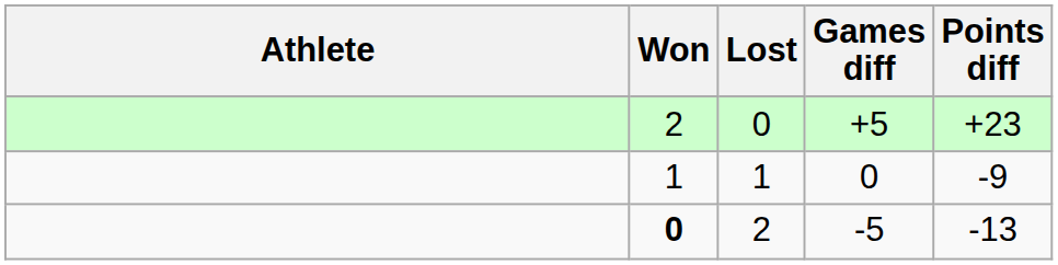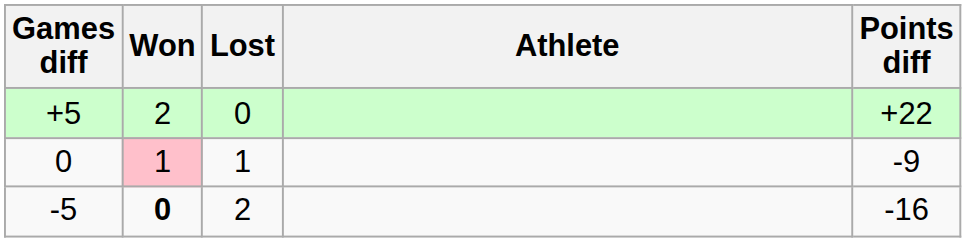 <table class="wikitable">
 <tr>
-<th style="width:18em">Athlete</th>
+<th>Games<br>diff</th>
 <th>Won</th>
 <th>Lost</th>
-<th>Games<br>diff</th>
+<th style="width:18em">Athlete</th>
 <th>Points<br>diff</th>
 </tr>
 <tr bgcolor=ccffcc>
-<td></td>
+<td align="center">+5</td>
 <td align="center">2</td>
 <td align="center">0</td>
-<td align="center">+5</td>
-<td align="center">+23</td>
+<td></td>
+<td align="center">+22</td>
 </tr>
 <tr>
+<td align="center">0</td>
+<td align="center" style="background: pink;">1</td>
+<td align="center">1</td>
 <td></td>
-<td align="center">1</td>
-<td align="center">1</td>
-<td align="center">0</td>
 <td align="center">-9</td>
 </tr>
 <tr>
-<td></td>
+<td align="center">-5</td>
 <td align="center"><strong>0</strong></td>
 <td align="center">2</td>
-<td align="center">-5</td>
-<td align="center">-13</td>
+<td></td>
+<td align="center">-16</td>
 </tr>
 </table>
